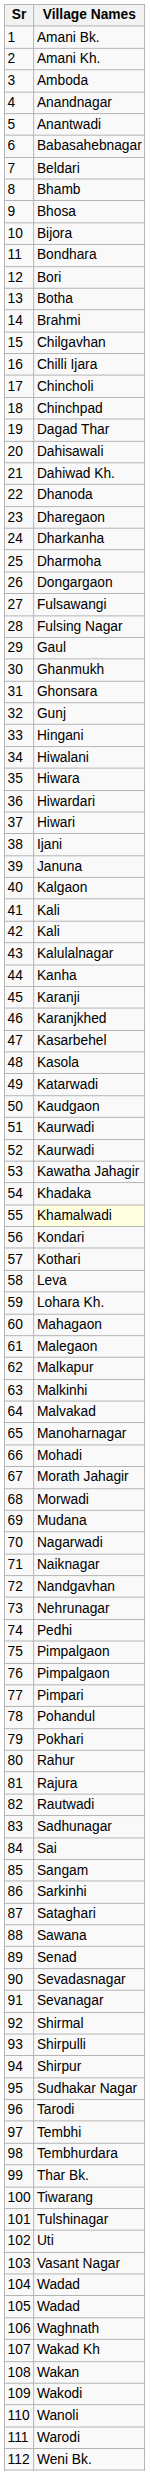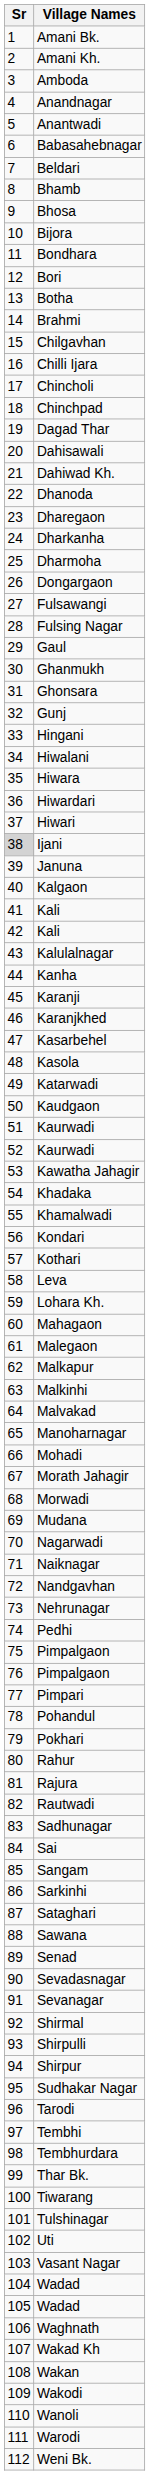 <table class="wikitable">
 <tr>
 <th>Sr</th>
 <th>Village Names</th>
 </tr>
 <tr>
 <td>1</td>
 <td>Amani Bk.</td>
 </tr>
 <tr>
 <td>2</td>
 <td>Amani Kh.</td>
 </tr>
 <tr>
 <td>3</td>
 <td>Amboda</td>
 </tr>
 <tr>
 <td>4</td>
 <td>Anandnagar</td>
 </tr>
 <tr>
 <td>5</td>
 <td>Anantwadi</td>
 </tr>
 <tr>
 <td>6</td>
 <td>Babasahebnagar</td>
 </tr>
 <tr>
 <td>7</td>
 <td>Beldari</td>
 </tr>
 <tr>
 <td>8</td>
 <td>Bhamb</td>
 </tr>
 <tr>
 <td>9</td>
 <td>Bhosa</td>
 </tr>
 <tr>
 <td>10</td>
 <td>Bijora</td>
 </tr>
 <tr>
 <td>11</td>
 <td>Bondhara</td>
 </tr>
 <tr>
 <td>12</td>
 <td>Bori</td>
 </tr>
 <tr>
 <td>13</td>
 <td>Botha</td>
 </tr>
 <tr>
 <td>14</td>
 <td>Brahmi</td>
 </tr>
 <tr>
 <td>15</td>
 <td>Chilgavhan</td>
 </tr>
 <tr>
 <td>16</td>
 <td>Chilli Ijara</td>
 </tr>
 <tr>
 <td>17</td>
 <td>Chincholi</td>
 </tr>
 <tr>
 <td>18</td>
 <td>Chinchpad</td>
 </tr>
 <tr>
 <td>19</td>
 <td>Dagad Thar</td>
 </tr>
 <tr>
 <td>20</td>
 <td>Dahisawali</td>
 </tr>
 <tr>
 <td>21</td>
 <td>Dahiwad Kh.</td>
 </tr>
 <tr>
 <td>22</td>
 <td>Dhanoda</td>
 </tr>
 <tr>
 <td>23</td>
 <td>Dharegaon</td>
 </tr>
 <tr>
 <td>24</td>
 <td>Dharkanha</td>
 </tr>
 <tr>
 <td>25</td>
 <td>Dharmoha</td>
 </tr>
 <tr>
 <td>26</td>
 <td>Dongargaon</td>
 </tr>
 <tr>
 <td>27</td>
 <td>Fulsawangi</td>
 </tr>
 <tr>
 <td>28</td>
 <td>Fulsing Nagar</td>
 </tr>
 <tr>
 <td>29</td>
 <td>Gaul</td>
 </tr>
 <tr>
 <td>30</td>
 <td>Ghanmukh</td>
 </tr>
 <tr>
 <td>31</td>
 <td>Ghonsara</td>
 </tr>
 <tr>
 <td>32</td>
 <td>Gunj</td>
 </tr>
 <tr>
 <td>33</td>
 <td>Hingani</td>
 </tr>
 <tr>
 <td>34</td>
 <td>Hiwalani</td>
 </tr>
 <tr>
 <td>35</td>
 <td>Hiwara</td>
 </tr>
 <tr>
 <td>36</td>
 <td>Hiwardari</td>
 </tr>
 <tr>
 <td>37</td>
 <td>Hiwari</td>
 </tr>
 <tr>
-<td>38</td>
+<td style="background: lightgrey;">38</td>
 <td>Ijani</td>
 </tr>
 <tr>
 <td>39</td>
 <td>Januna</td>
 </tr>
 <tr>
 <td>40</td>
 <td>Kalgaon</td>
 </tr>
 <tr>
 <td>41</td>
 <td>Kali</td>
 </tr>
 <tr>
 <td>42</td>
 <td>Kali</td>
 </tr>
 <tr>
 <td>43</td>
 <td>Kalulalnagar</td>
 </tr>
 <tr>
 <td>44</td>
 <td>Kanha</td>
 </tr>
 <tr>
 <td>45</td>
 <td>Karanji</td>
 </tr>
 <tr>
 <td>46</td>
 <td>Karanjkhed</td>
 </tr>
 <tr>
 <td>47</td>
 <td>Kasarbehel</td>
 </tr>
 <tr>
 <td>48</td>
 <td>Kasola</td>
 </tr>
 <tr>
 <td>49</td>
 <td>Katarwadi</td>
 </tr>
 <tr>
 <td>50</td>
 <td>Kaudgaon</td>
 </tr>
 <tr>
 <td>51</td>
 <td>Kaurwadi</td>
 </tr>
 <tr>
 <td>52</td>
 <td>Kaurwadi</td>
 </tr>
 <tr>
 <td>53</td>
 <td>Kawatha Jahagir</td>
 </tr>
 <tr>
 <td>54</td>
 <td>Khadaka</td>
 </tr>
 <tr>
 <td>55</td>
-<td style="background: lightyellow;">Khamalwadi</td>
+<td>Khamalwadi</td>
 </tr>
 <tr>
 <td>56</td>
 <td>Kondari</td>
 </tr>
 <tr>
 <td>57</td>
 <td>Kothari</td>
 </tr>
 <tr>
 <td>58</td>
 <td>Leva</td>
 </tr>
 <tr>
 <td>59</td>
 <td>Lohara Kh.</td>
 </tr>
 <tr>
 <td>60</td>
 <td>Mahagaon</td>
 </tr>
 <tr>
 <td>61</td>
 <td>Malegaon</td>
 </tr>
 <tr>
 <td>62</td>
 <td>Malkapur</td>
 </tr>
 <tr>
 <td>63</td>
 <td>Malkinhi</td>
 </tr>
 <tr>
 <td>64</td>
 <td>Malvakad</td>
 </tr>
 <tr>
 <td>65</td>
 <td>Manoharnagar</td>
 </tr>
 <tr>
 <td>66</td>
 <td>Mohadi</td>
 </tr>
 <tr>
 <td>67</td>
 <td>Morath Jahagir</td>
 </tr>
 <tr>
 <td>68</td>
 <td>Morwadi</td>
 </tr>
 <tr>
 <td>69</td>
 <td>Mudana</td>
 </tr>
 <tr>
 <td>70</td>
 <td>Nagarwadi</td>
 </tr>
 <tr>
 <td>71</td>
 <td>Naiknagar</td>
 </tr>
 <tr>
 <td>72</td>
 <td>Nandgavhan</td>
 </tr>
 <tr>
 <td>73</td>
 <td>Nehrunagar</td>
 </tr>
 <tr>
 <td>74</td>
 <td>Pedhi</td>
 </tr>
 <tr>
 <td>75</td>
 <td>Pimpalgaon</td>
 </tr>
 <tr>
 <td>76</td>
 <td>Pimpalgaon</td>
 </tr>
 <tr>
 <td>77</td>
 <td>Pimpari</td>
 </tr>
 <tr>
 <td>78</td>
 <td>Pohandul</td>
 </tr>
 <tr>
 <td>79</td>
 <td>Pokhari</td>
 </tr>
 <tr>
 <td>80</td>
 <td>Rahur</td>
 </tr>
 <tr>
 <td>81</td>
 <td>Rajura</td>
 </tr>
 <tr>
 <td>82</td>
 <td>Rautwadi</td>
 </tr>
 <tr>
 <td>83</td>
 <td>Sadhunagar</td>
 </tr>
 <tr>
 <td>84</td>
 <td>Sai</td>
 </tr>
 <tr>
 <td>85</td>
 <td>Sangam</td>
 </tr>
 <tr>
 <td>86</td>
 <td>Sarkinhi</td>
 </tr>
 <tr>
 <td>87</td>
 <td>Sataghari</td>
 </tr>
 <tr>
 <td>88</td>
 <td>Sawana</td>
 </tr>
 <tr>
 <td>89</td>
 <td>Senad</td>
 </tr>
 <tr>
 <td>90</td>
 <td>Sevadasnagar</td>
 </tr>
 <tr>
 <td>91</td>
 <td>Sevanagar</td>
 </tr>
 <tr>
 <td>92</td>
 <td>Shirmal</td>
 </tr>
 <tr>
 <td>93</td>
 <td>Shirpulli</td>
 </tr>
 <tr>
 <td>94</td>
 <td>Shirpur</td>
 </tr>
 <tr>
 <td>95</td>
 <td>Sudhakar Nagar</td>
 </tr>
 <tr>
 <td>96</td>
 <td>Tarodi</td>
 </tr>
 <tr>
 <td>97</td>
 <td>Tembhi</td>
 </tr>
 <tr>
 <td>98</td>
 <td>Tembhurdara</td>
 </tr>
 <tr>
 <td>99</td>
 <td>Thar Bk.</td>
 </tr>
 <tr>
 <td>100</td>
 <td>Tiwarang</td>
 </tr>
 <tr>
 <td>101</td>
 <td>Tulshinagar</td>
 </tr>
 <tr>
 <td>102</td>
 <td>Uti</td>
 </tr>
 <tr>
 <td>103</td>
 <td>Vasant Nagar</td>
 </tr>
 <tr>
 <td>104</td>
 <td>Wadad</td>
 </tr>
 <tr>
 <td>105</td>
 <td>Wadad</td>
 </tr>
 <tr>
 <td>106</td>
 <td>Waghnath</td>
 </tr>
 <tr>
 <td>107</td>
 <td>Wakad Kh</td>
 </tr>
 <tr>
 <td>108</td>
 <td>Wakan</td>
 </tr>
 <tr>
 <td>109</td>
 <td>Wakodi</td>
 </tr>
 <tr>
 <td>110</td>
 <td>Wanoli</td>
 </tr>
 <tr>
 <td>111</td>
 <td>Warodi</td>
 </tr>
 <tr>
 <td>112</td>
 <td>Weni Bk.</td>
 </tr>
 </table>
